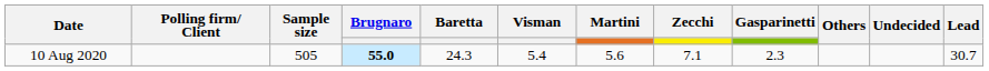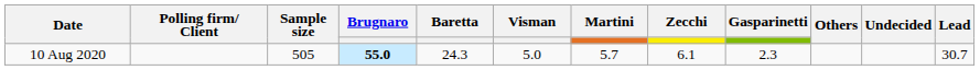 <table class=wikitable style="text-align:center;font-size:85%;line-height:13px">
 <tr style="height:30px; background-color:#E9E9E9">
 <th style="width:110px;" rowspan="2">Date</th>
 <th style="width:120px;" rowspan="2">Polling firm/<br>Client</th>
 <th style="width:60px;" rowspan="2">Sample size</th>
 <th style="width:65px;"><a href='#'>Brugnaro</a></th>
 <th style="width:65px;">Baretta</th>
 <th style="width:65px;">Visman</th>
 <th style="width:65px;">Martini</th>
 <th style="width:65px;">Zecchi</th>
 <th style="width:65px;">Gasparinetti</th>
 <th style="width:35px;" rowspan="2">Others</th>
 <th style="width:35px;" rowspan="2">Undecided</th>
 <th style="width:25px;" rowspan="2">Lead</th>
 </tr>
 <tr>
 <th style="background:"></th>
 <th style="background:"></th>
 <th style="background:"></th>
 <th style="background:#E57022;"></th>
 <th style="background:#FAED00;"></th>
 <th style="background:#80BC00;"></th>
 </tr>
 <tr>
 <td>10 Aug 2020</td>
 <td></td>
 <td>505</td>
 <td style="background:#C8EBFF"><strong>55.0</strong></td>
 <td>24.3</td>
-<td>5.4</td>
-<td>5.6</td>
-<td>7.1</td>
+<td>5.0</td>
+<td>5.7</td>
+<td>6.1</td>
 <td>2.3</td>
 <td></td>
 <td></td>
 <td style="background:">30.7</td>
 </tr>
 </table>
